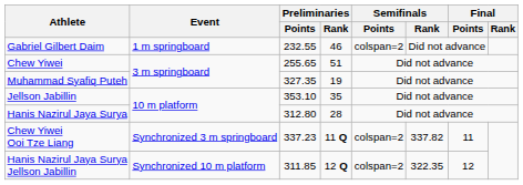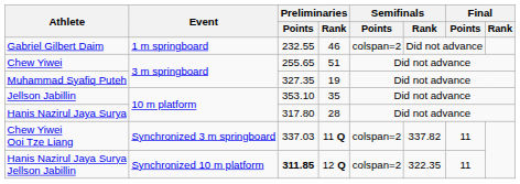 <table class=wikitable style="font-size:90%;">
 <tr>
 <th rowspan="2">Athlete</th>
 <th rowspan="2">Event</th>
 <th colspan="2">Preliminaries</th>
 <th colspan="2">Semifinals</th>
 <th colspan="2">Final</th>
 </tr>
 <tr style="font-size:95%">
 <th>Points</th>
 <th>Rank</th>
 <th>Points</th>
 <th>Rank</th>
 <th>Points</th>
 <th>Rank</th>
 </tr>
 <tr align=center>
 <td align=left><a href='#'>Gabriel Gilbert Daim</a></td>
 <td align=left><a href='#'>1 m springboard</a></td>
 <td>232.55</td>
 <td>46</td>
 <td>colspan=2 </td>
 <td colspan=2>Did not advance</td>
 </tr>
 <tr align=center>
 <td align=left><a href='#'>Chew Yiwei</a></td>
 <td align=left rowspan=2><a href='#'>3 m springboard</a></td>
 <td>255.65</td>
 <td>51</td>
 <td colspan=4>Did not advance</td>
 </tr>
 <tr align=center>
 <td align=left><a href='#'>Muhammad Syafiq Puteh</a></td>
 <td>327.35</td>
 <td>19</td>
 <td colspan=4>Did not advance</td>
 </tr>
 <tr align=center>
 <td align=left><a href='#'>Jellson Jabillin</a></td>
 <td align=left rowspan=2><a href='#'>10 m platform</a></td>
 <td>353.10</td>
 <td>35</td>
 <td colspan=4>Did not advance</td>
 </tr>
 <tr align=center>
 <td align=left><a href='#'>Hanis Nazirul Jaya Surya</a></td>
-<td>312.80</td>
+<td>317.80</td>
 <td>28</td>
 <td colspan=4>Did not advance</td>
 </tr>
 <tr align=center>
 <td align=left><a href='#'>Chew Yiwei</a><br><a href='#'>Ooi Tze Liang</a></td>
 <td align=left><a href='#'>Synchronized 3 m springboard</a></td>
-<td>337.23</td>
+<td>337.03</td>
 <td>11 <strong>Q</strong></td>
 <td>colspan=2 </td>
 <td>337.82</td>
 <td>11</td>
 </tr>
 <tr align=center>
 <td align=left><a href='#'>Hanis Nazirul Jaya Surya</a><br><a href='#'>Jellson Jabillin</a></td>
 <td align=left><a href='#'>Synchronized 10 m platform</a></td>
-<td>311.85</td>
+<td><strong>311.85</strong></td>
 <td>12 <strong>Q</strong></td>
 <td>colspan=2 </td>
 <td>322.35</td>
-<td>12</td>
+<td>11</td>
 </tr>
 </table>
